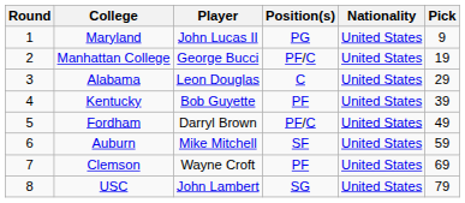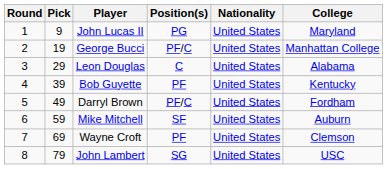 <table class="wikitable sortable sortable">
 <tr>
 <th>Round</th>
-<th>College</th>
+<th>Pick</th>
 <th>Player</th>
 <th>Position(s)</th>
 <th>Nationality</th>
-<th>Pick</th>
+<th>College</th>
 </tr>
 <tr style="text-align: center">
 <td>1</td>
-<td><a href='#'>Maryland</a></td>
+<td>9</td>
 <td><a href='#'>John Lucas II</a></td>
 <td><a href='#'>PG</a></td>
 <td> <a href='#'>United States</a></td>
-<td>9</td>
+<td><a href='#'>Maryland</a></td>
 </tr>
 <tr style="text-align: center">
 <td>2</td>
-<td><a href='#'>Manhattan College</a></td>
+<td>19</td>
 <td><a href='#'>George Bucci</a></td>
 <td><a href='#'>PF</a>/<a href='#'>C</a></td>
 <td> <a href='#'>United States</a></td>
-<td>19</td>
+<td><a href='#'>Manhattan College</a></td>
 </tr>
 <tr style="text-align: center">
 <td>3</td>
-<td><a href='#'>Alabama</a></td>
+<td>29</td>
 <td><a href='#'>Leon Douglas</a></td>
 <td><a href='#'>C</a></td>
 <td> <a href='#'>United States</a></td>
-<td>29</td>
+<td><a href='#'>Alabama</a></td>
 </tr>
 <tr style="text-align: center">
 <td>4</td>
-<td><a href='#'>Kentucky</a></td>
+<td>39</td>
 <td><a href='#'>Bob Guyette</a></td>
 <td><a href='#'>PF</a></td>
 <td> <a href='#'>United States</a></td>
-<td>39</td>
+<td><a href='#'>Kentucky</a></td>
 </tr>
 <tr style="text-align: center">
 <td>5</td>
-<td><a href='#'>Fordham</a></td>
+<td>49</td>
 <td>Darryl Brown</td>
 <td><a href='#'>PF</a>/<a href='#'>C</a></td>
 <td> <a href='#'>United States</a></td>
-<td>49</td>
+<td><a href='#'>Fordham</a></td>
 </tr>
 <tr style="text-align: center">
 <td>6</td>
-<td><a href='#'>Auburn</a></td>
+<td>59</td>
 <td><a href='#'>Mike Mitchell</a></td>
 <td><a href='#'>SF</a></td>
 <td> <a href='#'>United States</a></td>
-<td>59</td>
+<td><a href='#'>Auburn</a></td>
 </tr>
 <tr style="text-align: center">
 <td>7</td>
-<td><a href='#'>Clemson</a></td>
+<td>69</td>
 <td>Wayne Croft</td>
 <td><a href='#'>PF</a></td>
 <td> <a href='#'>United States</a></td>
-<td>69</td>
+<td><a href='#'>Clemson</a></td>
 </tr>
 <tr style="text-align: center">
 <td>8</td>
-<td><a href='#'>USC</a></td>
+<td>79</td>
 <td><a href='#'>John Lambert</a></td>
 <td><a href='#'>SG</a></td>
 <td> <a href='#'>United States</a></td>
-<td>79</td>
+<td><a href='#'>USC</a></td>
 </tr>
 </table>
